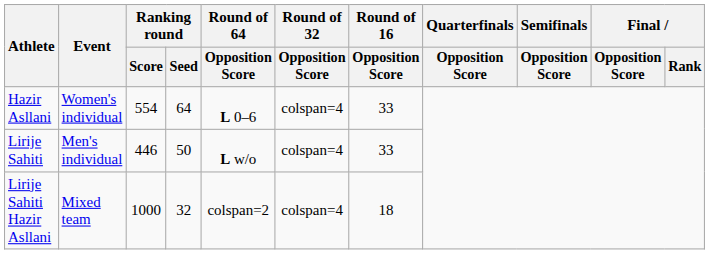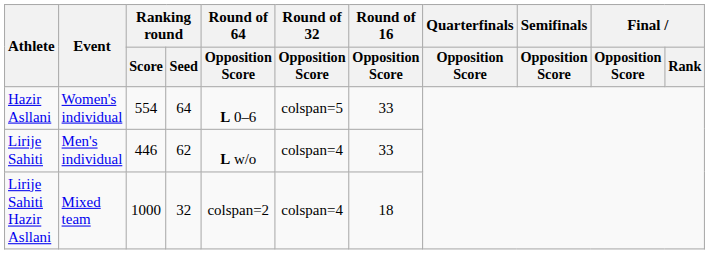 <table class="wikitable" style="font-size:90%">
 <tr>
 <th rowspan=2>Athlete</th>
 <th rowspan=2>Event</th>
 <th colspan=2>Ranking round</th>
 <th>Round of 64</th>
 <th>Round of 32</th>
 <th>Round of 16</th>
 <th>Quarterfinals</th>
 <th>Semifinals</th>
 <th colspan=2>Final / </th>
 </tr>
 <tr style="font-size:95%">
 <th>Score</th>
 <th>Seed</th>
 <th>Opposition<br>Score</th>
 <th>Opposition<br>Score</th>
 <th>Opposition<br>Score</th>
 <th>Opposition<br>Score</th>
 <th>Opposition<br>Score</th>
 <th>Opposition<br>Score</th>
 <th>Rank</th>
 </tr>
 <tr align=center>
 <td align=left><a href='#'>Hazir Asllani</a></td>
 <td align=left><a href='#'>Women's individual</a></td>
 <td>554</td>
 <td>64</td>
 <td><br> <strong>L</strong> 0–6</td>
-<td>colspan=4 </td>
+<td>colspan=5 </td>
 <td>33</td>
 </tr>
 <tr align=center>
 <td align=left><a href='#'>Lirije Sahiti</a></td>
 <td align=left><a href='#'>Men's individual</a></td>
 <td>446</td>
-<td>50</td>
+<td>62</td>
 <td><br> <strong>L</strong> w/o</td>
 <td>colspan=4 </td>
 <td>33</td>
 </tr>
 <tr align=center>
 <td align=left><a href='#'>Lirije Sahiti</a><br><a href='#'>Hazir Asllani</a></td>
 <td align=left><a href='#'>Mixed team</a></td>
 <td>1000</td>
 <td>32</td>
 <td>colspan=2 </td>
 <td>colspan=4 </td>
 <td>18</td>
 </tr>
 </table>
